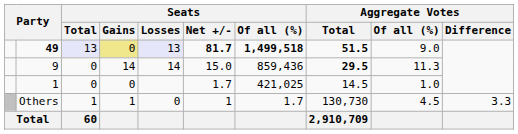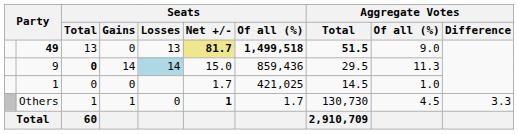 <table class="wikitable sortable" style="text-align:right; font-size:95%;">
 <tr>
 <th colspan="2" rowspan="2">Party</th>
 <th colspan="5">Seats</th>
 <th colspan="3">Aggregate Votes</th>
 </tr>
 <tr>
 <th>Total</th>
 <th>Gains</th>
 <th>Losses</th>
 <th>Net +/-</th>
 <th>Of all (%)</th>
 <th>Total</th>
 <th>Of all (%)</th>
 <th>Difference</th>
 </tr>
 <tr>
 <td></td>
 <td><strong>49</strong></td>
-<td style="background: lavender;">13</td>
-<td style="background: khaki;">0</td>
-<td style="background: lavender;">13</td>
-<td><strong>81.7</strong></td>
+<td>13</td>
+<td>0</td>
+<td>13</td>
+<td style="background: khaki;"><strong>81.7</strong></td>
 <td><strong>1,499,518</strong></td>
 <td><strong>51.5</strong></td>
 <td>9.0</td>
 </tr>
 <tr>
 <td></td>
 <td>9</td>
-<td>0</td>
+<td><strong>0</strong></td>
 <td>14</td>
-<td>14</td>
+<td style="background: lightblue;">14</td>
 <td>15.0</td>
 <td>859,436</td>
-<td><strong>29.5</strong></td>
+<td>29.5</td>
 <td>11.3</td>
 </tr>
 <tr>
 <td></td>
 <td>1</td>
 <td>0</td>
 <td>0</td>
 <td></td>
 <td>1.7</td>
 <td>421,025</td>
 <td>14.5</td>
 <td>1.0</td>
 </tr>
 <tr>
 <td style="background:silver;"> </td>
 <td align=left>Others</td>
 <td>1</td>
 <td>1</td>
 <td>0</td>
-<td>1</td>
+<td><strong>1</strong></td>
 <td>1.7</td>
 <td>130,730</td>
 <td>4.5</td>
 <td>3.3</td>
 </tr>
 <tr class="sortbottom">
 <th colspan="2" style="background:#f2f2f2"><strong>Total</strong></th>
 <td style="background:#f2f2f2;"><strong>60</strong></td>
 <td style="background:#f2f2f2;"></td>
 <td style="background:#f2f2f2;"></td>
 <td style="background:#f2f2f2;"></td>
 <td style="background:#f2f2f2;"></td>
 <td style="background:#f2f2f2;"><strong>2,910,709</strong></td>
 <td style="background:#f2f2f2;"></td>
 <td style="background:#f2f2f2;"></td>
 </tr>
 </table>
